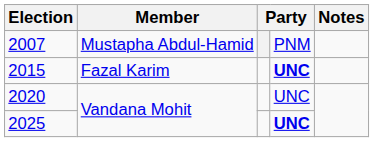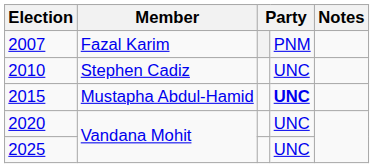 <table class="wikitable sortable">
 <tr>
 <th>Election</th>
 <th>Member</th>
 <th colspan="2">Party</th>
 <th>Notes</th>
 </tr>
 <tr>
 <td><a href='#'>2007</a></td>
-<td><a href='#'>Mustapha Abdul-Hamid</a></td>
+<td><a href='#'>Fazal Karim</a></td>
 <th style="background-color: "></th>
 <td><a href='#'>PNM</a></td>
 <td></td>
 </tr>
 <tr>
+<td><a href='#'>2010</a></td>
+<td><a href='#'>Stephen Cadiz</a></td>
+<td style="background:"> </td>
+<td><a href='#'>UNC</a></td>
+<td></td>
+</tr>
+<tr>
 <td><a href='#'>2015</a></td>
-<td><a href='#'>Fazal Karim</a></td>
+<td><a href='#'>Mustapha Abdul-Hamid</a></td>
 <td style="background:"> </td>
 <td><strong><a href='#'>UNC</a></strong></td>
 <td></td>
 </tr>
 <tr>
 <td><a href='#'>2020</a></td>
 <td rowspan="2"><a href='#'>Vandana Mohit</a></td>
 <td style="background:"> </td>
 <td><a href='#'>UNC</a></td>
 <td rowspan="2"></td>
 </tr>
 <tr>
 <td><a href='#'>2025</a></td>
 <td style="background:"> </td>
-<td><strong><a href='#'>UNC</a></strong></td>
+<td><a href='#'>UNC</a></td>
 </tr>
 </table>
